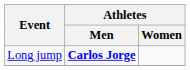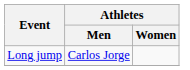 <table class=wikitable style="font-size:90%">
 <tr>
 <th rowspan=2>Event</th>
 <th colspan=2>Athletes</th>
 </tr>
 <tr>
 <th>Men</th>
 <th>Women</th>
 </tr>
 <tr>
 <td><a href='#'>Long jump</a></td>
-<td><strong><a href='#'>Carlos Jorge</a></strong></td>
+<td><a href='#'>Carlos Jorge</a></td>
 <td></td>
 </tr>
 <tr>
 </tr>
 </table>
